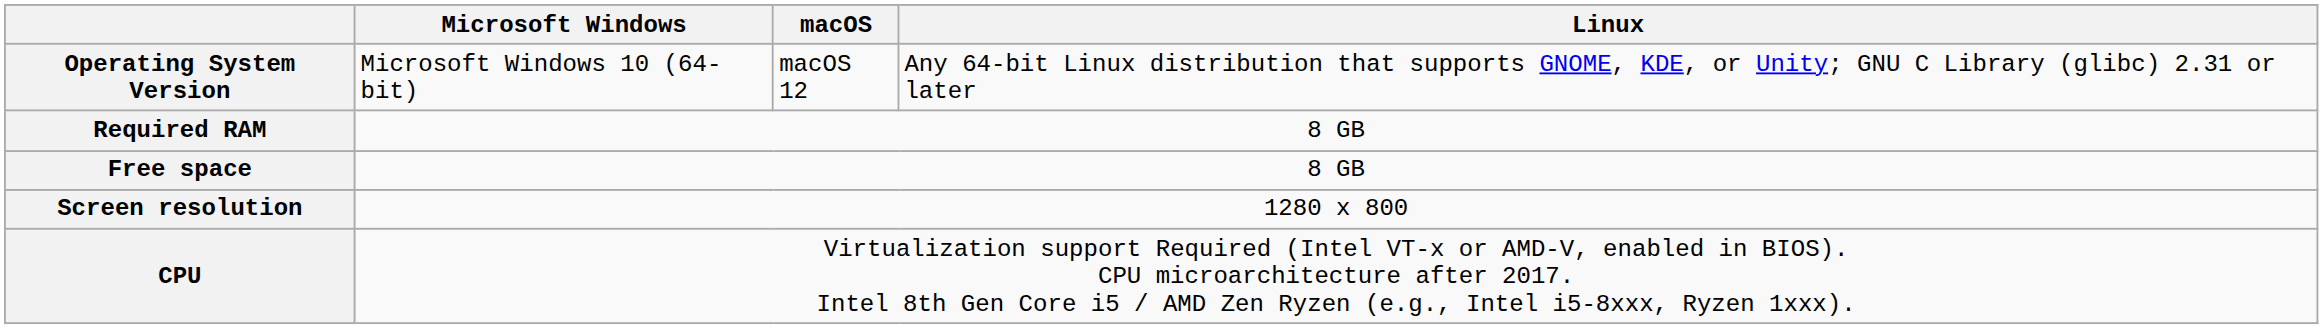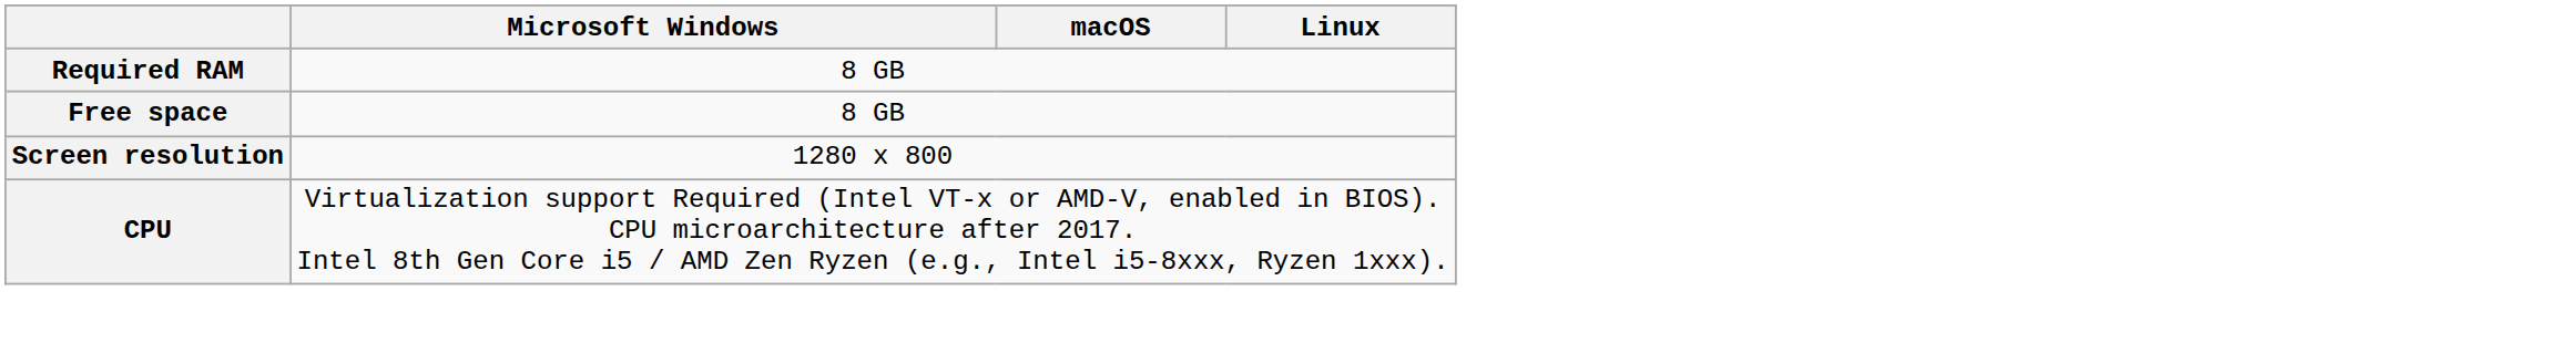 <table class="wikitable">
 <tr>
 <th></th>
 <th>Microsoft Windows</th>
 <th>macOS</th>
 <th>Linux</th>
-</tr>
-<tr>
-<th>Operating System Version</th>
-<td>Microsoft Windows 10 (64-bit)</td>
-<td>macOS 12</td>
-<td>Any 64-bit Linux distribution that supports <a href='#'>GNOME</a>, <a href='#'>KDE</a>, or <a href='#'>Unity</a>; GNU C Library (glibc) 2.31 or later</td>
 </tr>
 <tr>
 <th>Required RAM</th>
 <td colspan="3" style="text-align:center">8 GB</td>
 </tr>
 <tr>
 <th>Free space</th>
 <td colspan="3" style="text-align:center">8 GB</td>
 </tr>
 <tr>
 <th>Screen resolution</th>
 <td colspan="3" style="text-align:center">1280 x 800</td>
 </tr>
 <tr>
 <th>CPU</th>
 <td colspan="3" style="text-align: center;">Virtualization support Required (Intel VT-x or AMD-V, enabled in BIOS).<br>CPU microarchitecture after 2017.<br>Intel 8th Gen Core i5 / AMD Zen Ryzen (e.g., Intel i5-8xxx, Ryzen 1xxx).</td>
 </tr>
 </table>
